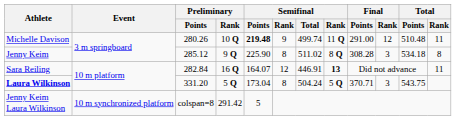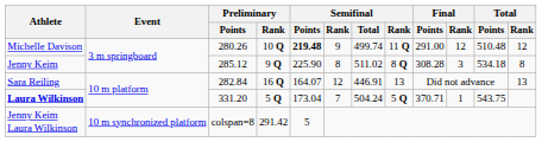 <table class=wikitable style=font-size:90%;text-align:center>
 <tr>
 <th rowspan=2>Athlete</th>
 <th rowspan=2>Event</th>
 <th colspan=2>Preliminary</th>
 <th colspan=4>Semifinal</th>
 <th colspan=2>Final</th>
 <th colspan=2>Total</th>
 </tr>
 <tr style=font-size:95%>
 <th>Points</th>
 <th>Rank</th>
 <th>Points</th>
 <th>Rank</th>
 <th>Total</th>
 <th>Rank</th>
 <th>Points</th>
 <th>Rank</th>
 <th>Points</th>
 <th>Rank</th>
 </tr>
 <tr>
 <td align=left><a href='#'>Michelle Davison</a></td>
 <td align=left rowspan=2><a href='#'>3 m springboard</a></td>
 <td>280.26</td>
 <td>10 <strong>Q</strong></td>
 <td><strong>219.48</strong></td>
 <td>9</td>
 <td>499.74</td>
 <td>11 <strong>Q</strong></td>
 <td>291.00</td>
 <td>12</td>
 <td>510.48</td>
-<td>11</td>
+<td>12</td>
 </tr>
 <tr>
 <td align=left><a href='#'>Jenny Keim</a></td>
 <td>285.12</td>
 <td>9 <strong>Q</strong></td>
 <td>225.90</td>
 <td>8</td>
 <td>511.02</td>
 <td>8 <strong>Q</strong></td>
 <td>308.28</td>
 <td>3</td>
 <td>534.18</td>
 <td>8</td>
 </tr>
 <tr>
 <td align=left><a href='#'>Sara Reiling</a></td>
 <td align=left rowspan=2><a href='#'>10 m platform</a></td>
 <td>282.84</td>
 <td>16 <strong>Q</strong></td>
 <td>164.07</td>
 <td>12</td>
 <td>446.91</td>
-<td><strong>13</strong></td>
+<td>13</td>
 <td colspan=3>Did not advance</td>
-<td>11</td>
+<td>13</td>
 </tr>
 <tr>
 <td align=left><strong><a href='#'>Laura Wilkinson</a></strong></td>
 <td>331.20</td>
 <td>5 <strong>Q</strong></td>
 <td>173.04</td>
-<td>8</td>
+<td>7</td>
 <td>504.24</td>
 <td>5 <strong>Q</strong></td>
 <td>370.71</td>
-<td>3</td>
+<td>1</td>
 <td>543.75</td>
 <td></td>
 </tr>
 <tr>
 <td align=left><a href='#'>Jenny Keim</a><br><a href='#'>Laura Wilkinson</a></td>
 <td align=left><a href='#'>10 m synchronized platform</a></td>
 <td>colspan=8 </td>
 <td>291.42</td>
 <td>5</td>
 </tr>
 </table>
